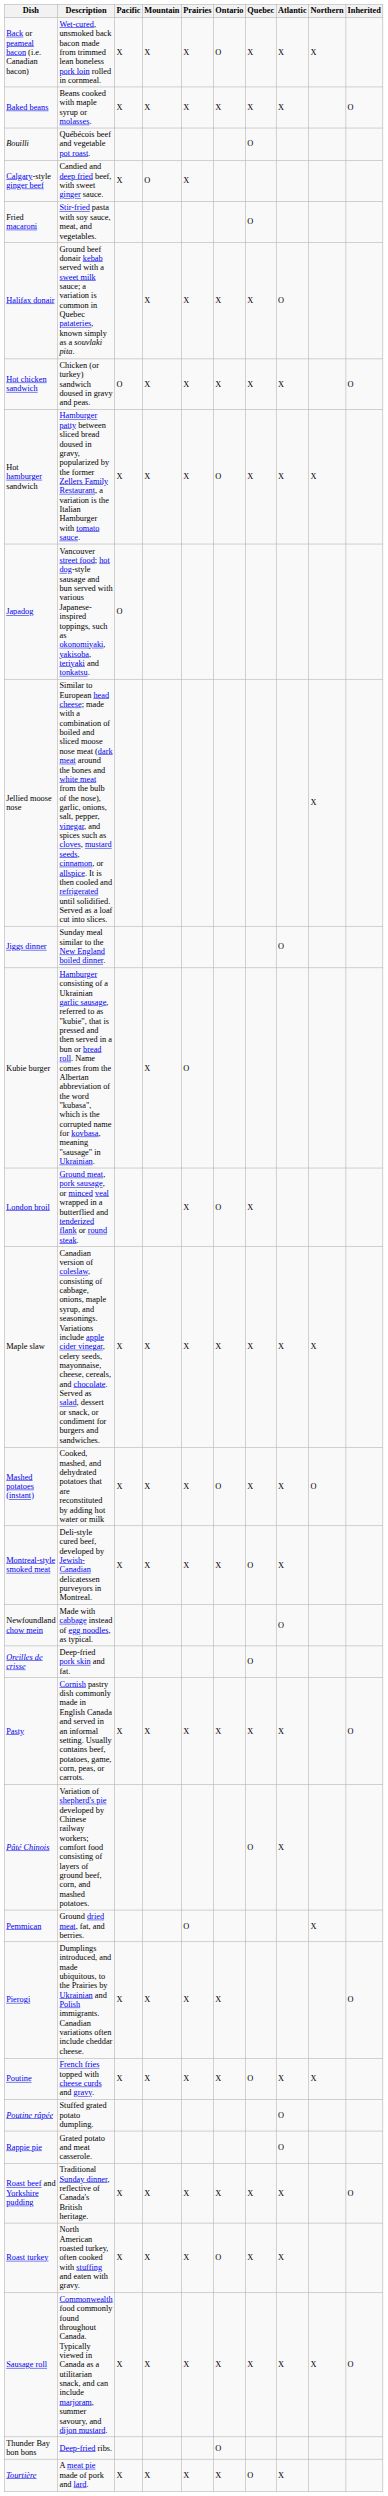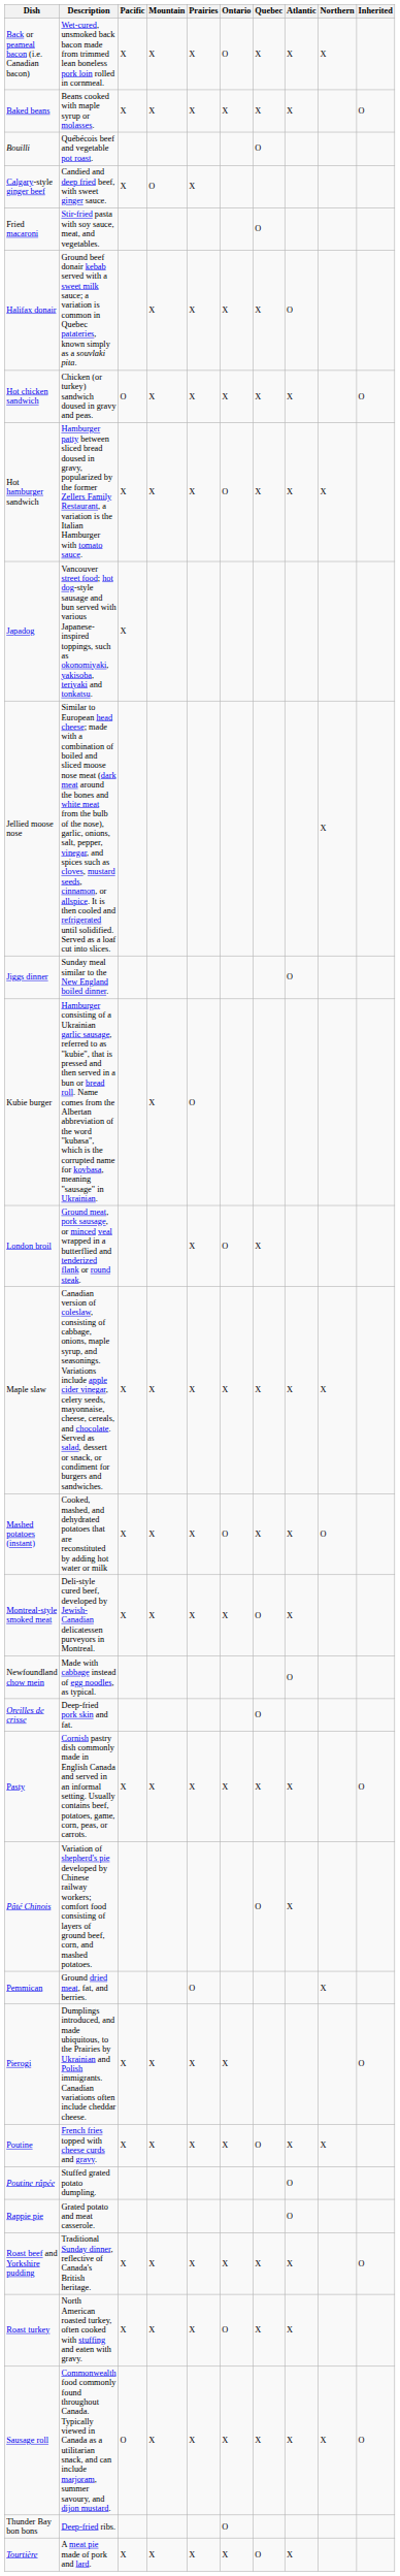 <table class="wikitable sortable sticky-header" style=text-align:left" style="margin:1em auto;">
 <tr>
 <th>Dish</th>
 <th>Description</th>
 <th>Pacific</th>
 <th>Mountain</th>
 <th>Prairies</th>
 <th>Ontario</th>
 <th>Quebec</th>
 <th>Atlantic</th>
 <th>Northern</th>
 <th>Inherited</th>
 </tr>
 <tr>
 <td><a href='#'>Back</a> or <a href='#'>peameal</a> <a href='#'>bacon</a> (i.e. Canadian bacon)</td>
 <td><a href='#'>Wet-cured</a>, unsmoked back bacon made from trimmed lean boneless <a href='#'>pork loin</a> rolled in cornmeal.</td>
 <td>X</td>
 <td>X</td>
 <td>X</td>
 <td>O</td>
 <td>X</td>
 <td>X</td>
 <td>X</td>
 <td></td>
 </tr>
 <tr>
 <td><a href='#'>Baked beans</a></td>
 <td>Beans cooked with maple syrup or <a href='#'>molasses</a>.</td>
 <td>X</td>
 <td>X</td>
 <td>X</td>
 <td>X</td>
 <td>X</td>
 <td>X</td>
 <td></td>
 <td>O</td>
 </tr>
 <tr>
 <td><em>Bouilli</em></td>
 <td>Québécois beef and vegetable <a href='#'>pot roast</a>.</td>
 <td></td>
 <td></td>
 <td></td>
 <td></td>
 <td>O</td>
 <td></td>
 <td></td>
 <td></td>
 </tr>
 <tr>
 <td><a href='#'>Calgary</a>-style <a href='#'>ginger beef</a></td>
 <td>Candied and <a href='#'>deep fried</a> beef, with sweet <a href='#'>ginger</a> sauce.</td>
 <td>X</td>
 <td>O</td>
 <td>X</td>
 <td></td>
 <td></td>
 <td></td>
 <td></td>
 <td></td>
 </tr>
 <tr>
 <td>Fried <a href='#'>macaroni</a></td>
 <td><a href='#'>Stir-fried</a> pasta with soy sauce, meat, and vegetables.</td>
 <td></td>
 <td></td>
 <td></td>
 <td></td>
 <td>O</td>
 <td></td>
 <td></td>
 <td></td>
 </tr>
 <tr>
 <td><a href='#'>Halifax donair</a></td>
 <td>Ground beef donair <a href='#'>kebab</a> served with a <a href='#'>sweet milk</a> sauce; a variation is common in Quebec <a href='#'>patateries</a>, known simply as a <em>souvlaki pita</em>.</td>
 <td></td>
 <td>X</td>
 <td>X</td>
 <td>X</td>
 <td>X</td>
 <td>O</td>
 <td></td>
 <td></td>
 </tr>
 <tr>
 <td><a href='#'>Hot chicken sandwich</a></td>
 <td>Chicken (or turkey) sandwich doused in gravy and peas.</td>
 <td>O</td>
 <td>X</td>
 <td>X</td>
 <td>X</td>
 <td>X</td>
 <td>X</td>
 <td></td>
 <td>O</td>
 </tr>
 <tr>
 <td>Hot <a href='#'>hamburger</a> sandwich</td>
 <td><a href='#'>Hamburger patty</a> between sliced bread doused in gravy, popularized by the former <a href='#'>Zellers Family Restaurant</a>, a variation is the Italian Hamburger with <a href='#'>tomato sauce</a>.</td>
 <td>X</td>
 <td>X</td>
 <td>X</td>
 <td>O</td>
 <td>X</td>
 <td>X</td>
 <td>X</td>
 <td></td>
 </tr>
 <tr>
 <td><a href='#'>Japadog</a></td>
 <td>Vancouver <a href='#'>street food</a>; <a href='#'>hot dog</a>-style sausage and bun served with various Japanese-inspired toppings, such as <a href='#'>okonomiyaki</a>, <a href='#'>yakisoba</a>, <a href='#'>teriyaki</a> and <a href='#'>tonkatsu</a>.</td>
-<td>O</td>
+<td>X</td>
 <td></td>
 <td></td>
 <td></td>
 <td></td>
 <td></td>
 <td></td>
 <td></td>
 </tr>
 <tr>
 <td>Jellied moose nose</td>
 <td>Similar to European <a href='#'>head cheese</a>; made with a combination of boiled and sliced moose nose meat (<a href='#'>dark meat</a> around the bones and <a href='#'>white meat</a> from the bulb of the nose), garlic, onions, salt, pepper, <a href='#'>vinegar</a>, and spices such as <a href='#'>cloves</a>, <a href='#'>mustard seeds</a>, <a href='#'>cinnamon</a>, or <a href='#'>allspice</a>. It is then cooled and <a href='#'>refrigerated</a> until solidified. Served as a loaf cut into slices.</td>
 <td></td>
 <td></td>
 <td></td>
 <td></td>
 <td></td>
 <td></td>
 <td>X</td>
 <td></td>
 </tr>
 <tr>
 <td><a href='#'>Jiggs dinner</a></td>
 <td>Sunday meal similar to the <a href='#'>New England boiled dinner</a>.</td>
 <td></td>
 <td></td>
 <td></td>
 <td></td>
 <td></td>
 <td>O</td>
 <td></td>
 <td></td>
 </tr>
 <tr>
 <td>Kubie burger</td>
 <td><a href='#'>Hamburger</a> consisting of a Ukrainian <a href='#'>garlic sausage</a>, referred to as "kubie", that is pressed and then served in a bun or <a href='#'>bread roll</a>. Name comes from the Albertan abbreviation of the word "kubasa", which is the corrupted name for <a href='#'>kovbasa</a>, meaning "sausage" in <a href='#'>Ukrainian</a>.</td>
 <td></td>
 <td>X</td>
 <td>O</td>
 <td></td>
 <td></td>
 <td></td>
 <td></td>
 <td></td>
 </tr>
 <tr>
 <td><a href='#'>London broil</a></td>
 <td><a href='#'>Ground meat</a>, <a href='#'>pork sausage</a>, or <a href='#'>minced</a> <a href='#'>veal</a> wrapped in a butterflied and <a href='#'>tenderized</a> <a href='#'>flank</a> or <a href='#'>round steak</a>.</td>
 <td></td>
 <td></td>
 <td>X</td>
 <td>O</td>
 <td>X</td>
 <td></td>
 <td></td>
 <td></td>
 </tr>
 <tr>
 <td>Maple slaw</td>
 <td>Canadian version of <a href='#'>coleslaw</a>, consisting of cabbage, onions, maple syrup, and seasonings. Variations include <a href='#'>apple cider vinegar</a>, celery seeds, mayonnaise, cheese, cereals, and <a href='#'>chocolate</a>. Served as <a href='#'>salad</a>, dessert or snack, or condiment for burgers and sandwiches.</td>
 <td>X</td>
 <td>X</td>
 <td>X</td>
 <td>X</td>
 <td>X</td>
 <td>X</td>
 <td>X</td>
 <td></td>
 </tr>
 <tr>
 <td><a href='#'>Mashed potatoes (instant)</a></td>
 <td>Cooked, mashed, and dehydrated potatoes that are reconstituted by adding hot water or milk</td>
 <td>X</td>
 <td>X</td>
 <td>X</td>
 <td>O</td>
 <td>X</td>
 <td>X</td>
 <td>O</td>
 <td></td>
 </tr>
 <tr>
 <td><a href='#'>Montreal-style smoked meat</a></td>
 <td>Deli-style cured beef, developed by <a href='#'>Jewish-Canadian</a> delicatessen purveyors in Montreal.</td>
 <td>X</td>
 <td>X</td>
 <td>X</td>
 <td>X</td>
 <td>O</td>
 <td>X</td>
 <td></td>
 <td></td>
 </tr>
 <tr>
 <td>Newfoundland <a href='#'>chow mein</a></td>
 <td>Made with <a href='#'>cabbage</a> instead of <a href='#'>egg noodles</a>, as typical.</td>
 <td></td>
 <td></td>
 <td></td>
 <td></td>
 <td></td>
 <td>O</td>
 <td></td>
 <td></td>
 </tr>
 <tr>
 <td><em><a href='#'>Oreilles de crisse</a></em></td>
 <td>Deep-fried <a href='#'>pork skin</a> and fat.</td>
 <td></td>
 <td></td>
 <td></td>
 <td></td>
 <td>O</td>
 <td></td>
 <td></td>
 <td></td>
 </tr>
 <tr>
 <td><a href='#'>Pasty</a></td>
 <td><a href='#'>Cornish</a> pastry dish commonly made in English Canada and served in an informal setting. Usually contains beef, potatoes, game, corn, peas, or carrots.</td>
 <td>X</td>
 <td>X</td>
 <td>X</td>
 <td>X</td>
 <td>X</td>
 <td>X</td>
 <td></td>
 <td>O</td>
 </tr>
 <tr>
 <td><em><a href='#'>Pâté Chinois</a></em></td>
 <td>Variation of <a href='#'>shepherd's pie</a> developed by Chinese railway workers; comfort food consisting of layers of ground beef, corn, and mashed potatoes.</td>
 <td></td>
 <td></td>
 <td></td>
 <td></td>
 <td>O</td>
 <td>X</td>
 <td></td>
 <td></td>
 </tr>
 <tr>
 <td><a href='#'>Pemmican</a></td>
 <td>Ground <a href='#'>dried meat</a>, fat, and berries.</td>
 <td></td>
 <td></td>
 <td>O</td>
 <td></td>
 <td></td>
 <td></td>
 <td>X</td>
 <td></td>
 </tr>
 <tr>
 <td><a href='#'>Pierogi</a></td>
 <td>Dumplings introduced, and made ubiquitous, to the Prairies by <a href='#'>Ukrainian</a> and <a href='#'>Polish</a> immigrants. Canadian variations often include cheddar cheese.</td>
 <td>X</td>
 <td>X</td>
 <td>X</td>
 <td>X</td>
 <td></td>
 <td></td>
 <td></td>
 <td>O</td>
 </tr>
 <tr>
 <td><a href='#'>Poutine</a></td>
 <td><a href='#'>French fries</a> topped with <a href='#'>cheese curds</a> and <a href='#'>gravy</a>.</td>
 <td>X</td>
 <td>X</td>
 <td>X</td>
 <td>X</td>
 <td>O</td>
 <td>X</td>
 <td>X</td>
 <td></td>
 </tr>
 <tr>
 <td><em><a href='#'>Poutine râpée</a></em></td>
 <td>Stuffed grated potato dumpling.</td>
 <td></td>
 <td></td>
 <td></td>
 <td></td>
 <td></td>
 <td>O</td>
 <td></td>
 <td></td>
 </tr>
 <tr>
 <td><a href='#'>Rappie pie</a></td>
 <td>Grated potato and meat casserole.</td>
 <td></td>
 <td></td>
 <td></td>
 <td></td>
 <td></td>
 <td>O</td>
 <td></td>
 <td></td>
 </tr>
 <tr>
 <td><a href='#'>Roast beef</a> and <a href='#'>Yorkshire pudding</a></td>
 <td>Traditional <a href='#'>Sunday dinner</a>, reflective of Canada's British heritage.</td>
 <td>X</td>
 <td>X</td>
 <td>X</td>
 <td>X</td>
 <td>X</td>
 <td>X</td>
 <td></td>
 <td>O</td>
 </tr>
 <tr>
 <td><a href='#'>Roast turkey</a></td>
 <td>North American roasted turkey, often cooked with <a href='#'>stuffing</a> and eaten with gravy.</td>
 <td>X</td>
 <td>X</td>
 <td>X</td>
 <td>O</td>
 <td>X</td>
 <td>X</td>
 <td></td>
 <td></td>
 </tr>
 <tr>
 <td><a href='#'>Sausage roll</a></td>
 <td><a href='#'>Commonwealth</a> food commonly found throughout Canada. Typically viewed in Canada as a utilitarian snack, and can include <a href='#'>marjoram</a>, summer savoury, and <a href='#'>dijon mustard</a>.</td>
-<td>X</td>
+<td>O</td>
 <td>X</td>
 <td>X</td>
 <td>X</td>
 <td>X</td>
 <td>X</td>
 <td>X</td>
 <td>O</td>
 </tr>
 <tr>
 <td>Thunder Bay bon bons</td>
 <td><a href='#'>Deep-fried</a> ribs.</td>
 <td></td>
 <td></td>
 <td></td>
 <td>O</td>
 <td></td>
 <td></td>
 <td></td>
 <td></td>
 </tr>
 <tr>
 <td><em><a href='#'>Tourtière</a></em></td>
 <td>A <a href='#'>meat pie</a> made of pork and <a href='#'>lard</a>.</td>
 <td>X</td>
 <td>X</td>
 <td>X</td>
 <td>X</td>
 <td>O</td>
 <td>X</td>
 <td></td>
 <td></td>
 </tr>
 </table>
